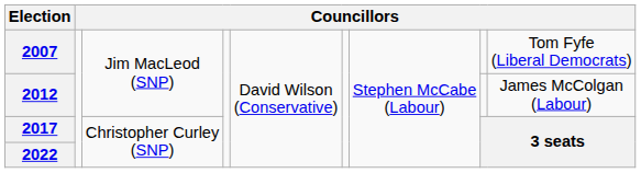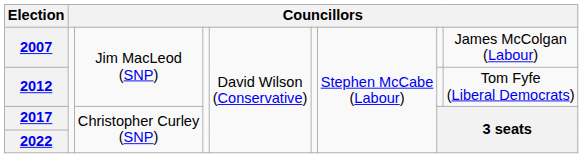 <table class="wikitable" style="text-align:center">
 <tr>
 <th>Election</th>
 <th colspan=8>Councillors</th>
 </tr>
 <tr>
 <th><a href='#'>2007</a></th>
 <td rowspan=4; style="background-color: "></td>
 <td rowspan=2>Jim MacLeod<br>(<a href='#'>SNP</a>)</td>
 <td rowspan=4; style="background-color: "></td>
 <td rowspan=4>David Wilson<br>(<a href='#'>Conservative</a>)</td>
 <td rowspan=4; style="background-color: "></td>
 <td rowspan=4><a href='#'>Stephen McCabe</a><br>(<a href='#'>Labour</a>)</td>
 <td rowspan=1; style="background-color: "></td>
-<td rowspan=1>Tom Fyfe<br>(<a href='#'>Liberal Democrats</a>)</td>
+<td rowspan=1>James McColgan<br>(<a href='#'>Labour</a>)</td>
 </tr>
 <tr>
 <th><a href='#'>2012</a></th>
 <td rowspan=1; style="background-color: "></td>
-<td rowspan=1>James McColgan<br>(<a href='#'>Labour</a>)</td>
+<td rowspan=1>Tom Fyfe<br>(<a href='#'>Liberal Democrats</a>)</td>
 </tr>
 <tr>
 <th><a href='#'>2017</a></th>
 <td rowspan=2>Christopher Curley<br>(<a href='#'>SNP</a>)</td>
 <th colspan=2; rowspan=2>3 seats</th>
 </tr>
 <tr>
 <th><a href='#'>2022</a></th>
 </tr>
 </table>
